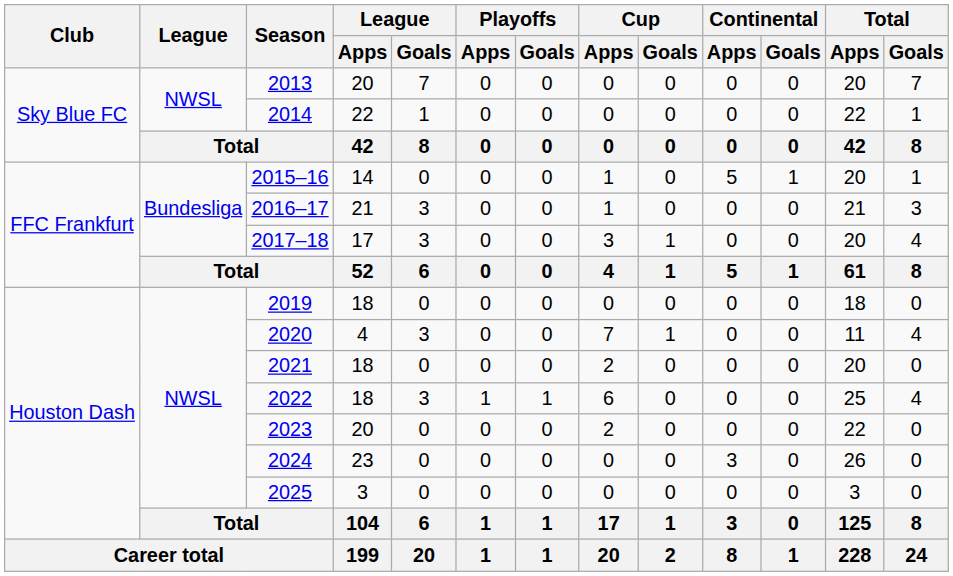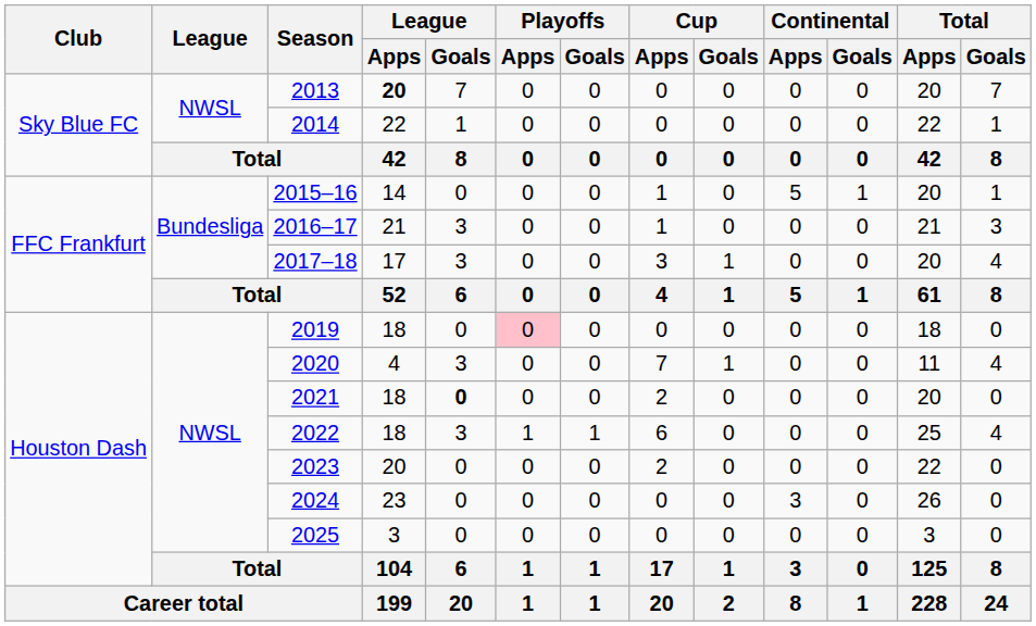 <table class="wikitable" style="text-align: center;">
 <tr>
 <th rowspan="2">Club</th>
 <th rowspan="2">League</th>
 <th rowspan="2">Season</th>
 <th colspan="2">League</th>
 <th colspan="2">Playoffs</th>
 <th colspan="2">Cup</th>
 <th colspan="2">Continental</th>
 <th colspan="2">Total</th>
 </tr>
 <tr>
 <th>Apps</th>
 <th>Goals</th>
 <th>Apps</th>
 <th>Goals</th>
 <th>Apps</th>
 <th>Goals</th>
 <th>Apps</th>
 <th>Goals</th>
 <th>Apps</th>
 <th>Goals</th>
 </tr>
 <tr>
 <td rowspan="3"><a href='#'>Sky Blue FC</a></td>
 <td rowspan="2"><a href='#'>NWSL</a></td>
 <td><a href='#'>2013</a></td>
-<td>20</td>
+<td><strong>20</strong></td>
 <td>7</td>
 <td>0</td>
 <td>0</td>
 <td>0</td>
 <td>0</td>
 <td>0</td>
 <td>0</td>
 <td>20</td>
 <td>7</td>
 </tr>
 <tr>
 <td><a href='#'>2014</a></td>
 <td>22</td>
 <td>1</td>
 <td>0</td>
 <td>0</td>
 <td>0</td>
 <td>0</td>
 <td>0</td>
 <td>0</td>
 <td>22</td>
 <td>1</td>
 </tr>
 <tr>
 <th colspan="2">Total</th>
 <th>42</th>
 <th>8</th>
 <th>0</th>
 <th>0</th>
 <th>0</th>
 <th>0</th>
 <th>0</th>
 <th>0</th>
 <th>42</th>
 <th>8</th>
 </tr>
 <tr>
 <td rowspan="4"><a href='#'>FFC Frankfurt</a></td>
 <td rowspan="3"><a href='#'>Bundesliga</a></td>
 <td><a href='#'>2015–16</a></td>
 <td>14</td>
 <td>0</td>
 <td>0</td>
 <td>0</td>
 <td>1</td>
 <td>0</td>
 <td>5</td>
 <td>1</td>
 <td>20</td>
 <td>1</td>
 </tr>
 <tr>
 <td><a href='#'>2016–17</a></td>
 <td>21</td>
 <td>3</td>
 <td>0</td>
 <td>0</td>
 <td>1</td>
 <td>0</td>
 <td>0</td>
 <td>0</td>
 <td>21</td>
 <td>3</td>
 </tr>
 <tr>
 <td><a href='#'>2017–18</a></td>
 <td>17</td>
 <td>3</td>
 <td>0</td>
 <td>0</td>
 <td>3</td>
 <td>1</td>
 <td>0</td>
 <td>0</td>
 <td>20</td>
 <td>4</td>
 </tr>
 <tr>
 <th colspan="2">Total</th>
 <th>52</th>
 <th>6</th>
 <th>0</th>
 <th>0</th>
 <th>4</th>
 <th>1</th>
 <th>5</th>
 <th>1</th>
 <th>61</th>
 <th>8</th>
 </tr>
 <tr>
 <td rowspan="8"><a href='#'>Houston Dash</a></td>
 <td rowspan="7"><a href='#'>NWSL</a></td>
 <td><a href='#'>2019</a></td>
 <td>18</td>
 <td>0</td>
-<td>0</td>
+<td style="background: pink;">0</td>
 <td>0</td>
 <td>0</td>
 <td>0</td>
 <td>0</td>
 <td>0</td>
 <td>18</td>
 <td>0</td>
 </tr>
 <tr>
 <td><a href='#'>2020</a></td>
 <td>4</td>
 <td>3</td>
 <td>0</td>
 <td>0</td>
 <td>7</td>
 <td>1</td>
 <td>0</td>
 <td>0</td>
 <td>11</td>
 <td>4</td>
 </tr>
 <tr>
 <td><a href='#'>2021</a></td>
 <td>18</td>
-<td>0</td>
+<td><strong>0</strong></td>
 <td>0</td>
 <td>0</td>
 <td>2</td>
 <td>0</td>
 <td>0</td>
 <td>0</td>
 <td>20</td>
 <td>0</td>
 </tr>
 <tr>
 <td><a href='#'>2022</a></td>
 <td>18</td>
 <td>3</td>
 <td>1</td>
 <td>1</td>
 <td>6</td>
 <td>0</td>
 <td>0</td>
 <td>0</td>
 <td>25</td>
 <td>4</td>
 </tr>
 <tr>
 <td><a href='#'>2023</a></td>
 <td>20</td>
 <td>0</td>
 <td>0</td>
 <td>0</td>
 <td>2</td>
 <td>0</td>
 <td>0</td>
 <td>0</td>
 <td>22</td>
 <td>0</td>
 </tr>
 <tr>
 <td><a href='#'>2024</a></td>
 <td>23</td>
 <td>0</td>
 <td>0</td>
 <td>0</td>
 <td>0</td>
 <td>0</td>
 <td>3</td>
 <td>0</td>
 <td>26</td>
 <td>0</td>
 </tr>
 <tr>
 <td><a href='#'>2025</a></td>
 <td>3</td>
 <td>0</td>
 <td>0</td>
 <td>0</td>
 <td>0</td>
 <td>0</td>
 <td>0</td>
 <td>0</td>
 <td>3</td>
 <td>0</td>
 </tr>
 <tr>
 <th colspan="2">Total</th>
 <th>104</th>
 <th>6</th>
 <th>1</th>
 <th>1</th>
 <th>17</th>
 <th>1</th>
 <th>3</th>
 <th>0</th>
 <th>125</th>
 <th>8</th>
 </tr>
 <tr>
 <th colspan="3">Career total</th>
 <th>199</th>
 <th>20</th>
 <th>1</th>
 <th>1</th>
 <th>20</th>
 <th>2</th>
 <th>8</th>
 <th>1</th>
 <th>228</th>
 <th>24</th>
 </tr>
 </table>
